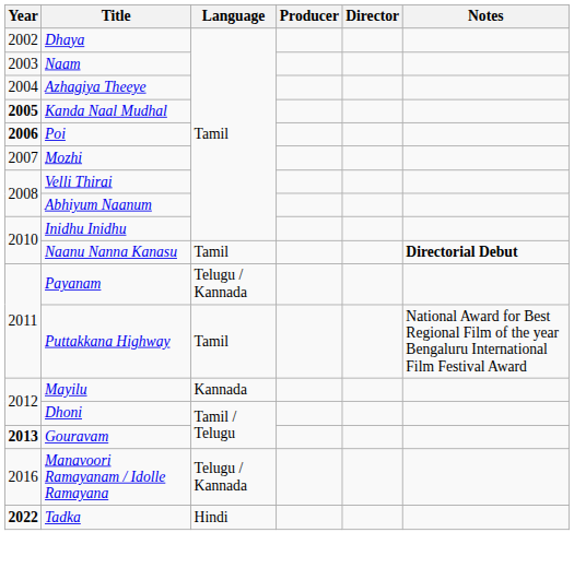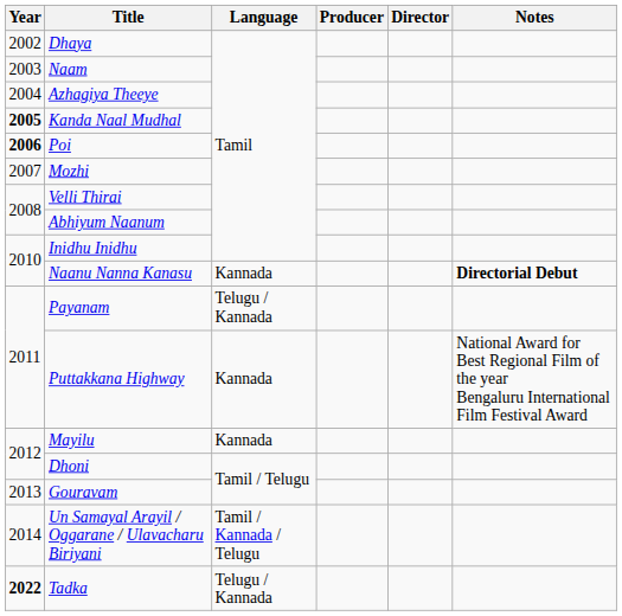 <table class="wikitable">
 <tr style="background:#ccc; text-align:center;">
 <th>Year</th>
 <th>Title</th>
 <th>Language</th>
 <th>Producer</th>
 <th>Director</th>
 <th>Notes</th>
 </tr>
 <tr>
 <td>2002</td>
 <td><em><a href='#'>Dhaya</a></em></td>
 <td rowspan="9">Tamil</td>
 <td></td>
 <td></td>
 <td></td>
 </tr>
 <tr>
 <td>2003</td>
 <td><em><a href='#'>Naam</a></em></td>
 <td></td>
 <td></td>
 <td></td>
 </tr>
 <tr>
 <td>2004</td>
 <td><em><a href='#'>Azhagiya Theeye</a></em></td>
 <td></td>
 <td></td>
 <td></td>
 </tr>
 <tr>
 <td><strong>2005</strong></td>
 <td><em><a href='#'>Kanda Naal Mudhal</a></em></td>
 <td></td>
 <td></td>
 <td></td>
 </tr>
 <tr>
 <td><strong>2006</strong></td>
 <td><em><a href='#'>Poi</a></em></td>
 <td></td>
 <td></td>
 <td></td>
 </tr>
 <tr>
 <td>2007</td>
 <td><em><a href='#'>Mozhi</a></em></td>
 <td></td>
 <td></td>
 <td></td>
 </tr>
 <tr>
 <td rowspan="2">2008</td>
 <td><em><a href='#'>Velli Thirai</a></em></td>
 <td></td>
 <td></td>
 <td></td>
 </tr>
 <tr>
 <td><em><a href='#'>Abhiyum Naanum</a></em></td>
 <td></td>
 <td></td>
 <td></td>
 </tr>
 <tr>
 <td rowspan="2">2010</td>
 <td><em><a href='#'>Inidhu Inidhu</a></em></td>
 <td></td>
 <td></td>
 <td></td>
 </tr>
 <tr>
 <td><em><a href='#'>Naanu Nanna Kanasu</a></em></td>
-<td>Tamil</td>
+<td>Kannada</td>
 <td></td>
 <td></td>
 <td><strong>Directorial Debut</strong></td>
 </tr>
 <tr>
 <td rowspan="2">2011</td>
 <td><em><a href='#'>Payanam</a></em></td>
 <td>Telugu / Kannada</td>
 <td></td>
 <td></td>
 <td></td>
 </tr>
 <tr>
 <td><em><a href='#'>Puttakkana Highway</a></em></td>
-<td>Tamil</td>
+<td>Kannada</td>
 <td></td>
 <td></td>
 <td>National Award for Best Regional Film of the year <br> Bengaluru International Film Festival Award</td>
 </tr>
 <tr>
 <td rowspan="2">2012</td>
 <td><em><a href='#'>Mayilu</a></em></td>
 <td>Kannada</td>
 <td></td>
 <td></td>
 <td></td>
 </tr>
 <tr>
 <td><em><a href='#'>Dhoni</a></em></td>
 <td rowspan="2">Tamil / Telugu</td>
 <td></td>
 <td></td>
 <td></td>
 </tr>
 <tr>
-<td><strong>2013</strong></td>
+<td>2013</td>
 <td><em><a href='#'>Gouravam</a></em></td>
 <td></td>
 <td></td>
 <td></td>
 </tr>
 <tr>
-<td>2016</td>
-<td><em><a href='#'>Manavoori Ramayanam / Idolle Ramayana</a></em></td>
-<td>Telugu / Kannada</td>
+<td>2014</td>
+<td><em><a href='#'>Un Samayal Arayil</a> / <a href='#'>Oggarane</a> / <a href='#'>Ulavacharu Biriyani</a></em></td>
+<td>Tamil / <a href='#'>Kannada</a> / Telugu</td>
 <td></td>
 <td></td>
 <td></td>
 </tr>
 <tr>
 <td><strong>2022</strong></td>
 <td><em><a href='#'>Tadka</a></em></td>
-<td>Hindi</td>
+<td>Telugu / Kannada</td>
 <td></td>
 <td></td>
 <td></td>
 </tr>
 </table>
